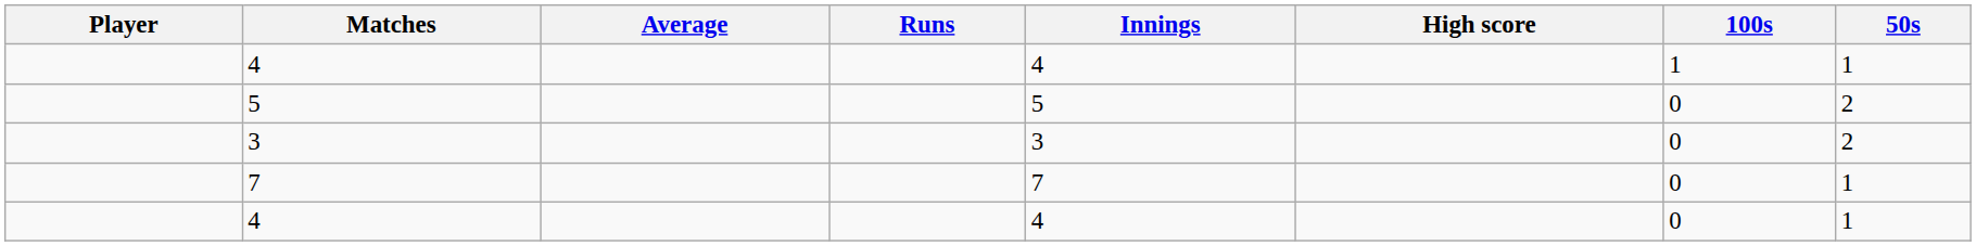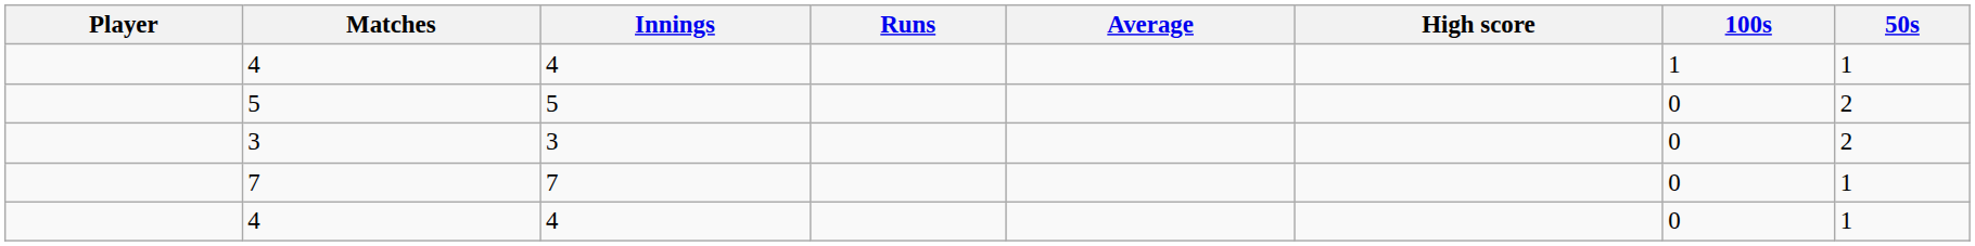 <table class="wikitable sortable" style="width:80%;">
 <tr>
 <th>Player</th>
 <th>Matches</th>
+<th><a href='#'>Innings</a></th>
+<th><a href='#'>Runs</a></th>
 <th><a href='#'>Average</a></th>
-<th><a href='#'>Runs</a></th>
-<th><a href='#'>Innings</a></th>
 <th>High score</th>
 <th><a href='#'>100s</a></th>
 <th><a href='#'>50s</a></th>
 </tr>
 <tr>
 <td></td>
 <td>4</td>
+<td>4</td>
 <td></td>
 <td></td>
-<td>4</td>
 <td></td>
 <td>1</td>
 <td>1</td>
 </tr>
 <tr>
 <td></td>
 <td>5</td>
+<td>5</td>
 <td></td>
 <td></td>
-<td>5</td>
 <td></td>
 <td>0</td>
 <td>2</td>
 </tr>
 <tr>
 <td></td>
 <td>3</td>
+<td>3</td>
 <td></td>
 <td></td>
-<td>3</td>
 <td></td>
 <td>0</td>
 <td>2</td>
 </tr>
 <tr>
 <td></td>
 <td>7</td>
+<td>7</td>
 <td></td>
 <td></td>
-<td>7</td>
 <td></td>
 <td>0</td>
 <td>1</td>
 </tr>
 <tr>
 <td></td>
 <td>4</td>
+<td>4</td>
 <td></td>
 <td></td>
-<td>4</td>
 <td></td>
 <td>0</td>
 <td>1</td>
 </tr>
 </table>
